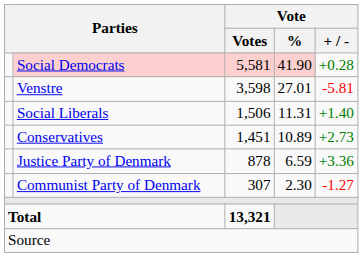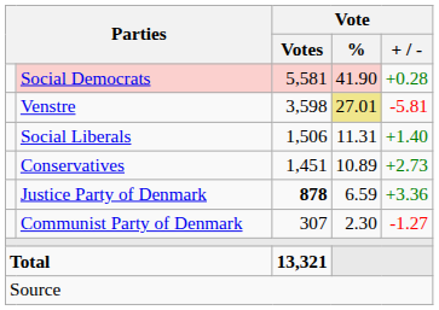 <table class="wikitable" style="text-align:right;">
 <tr>
 <th style="text-align:centre;" rowspan="2" colspan="2" width="225">Parties</th>
 <th colspan="3">Vote</th>
 </tr>
 <tr>
 <th width="15">Votes</th>
 <th width="15">%</th>
 <th width="15">+ / -</th>
 </tr>
 <tr>
 <td width="2" style="color:inherit;background:"></td>
 <td bgcolor=#fbd0ce  align="left"><a href='#'>Social Democrats</a></td>
 <td bgcolor=#fbd0ce>5,581</td>
 <td bgcolor=#fbd0ce>41.90</td>
 <td style=color:green;>+0.28</td>
 </tr>
 <tr>
 <td width="2" style="color:inherit;background:"></td>
 <td align="left"><a href='#'>Venstre</a></td>
 <td>3,598</td>
-<td>27.01</td>
+<td style="background: khaki;">27.01</td>
 <td style=color:red;>-5.81</td>
 </tr>
 <tr>
 <td width="2" style="color:inherit;background:"></td>
 <td align="left"><a href='#'>Social Liberals</a></td>
 <td>1,506</td>
 <td>11.31</td>
 <td style=color:green;>+1.40</td>
 </tr>
 <tr>
 <td width="2" style="color:inherit;background:"></td>
 <td align="left"><a href='#'>Conservatives</a></td>
 <td>1,451</td>
 <td>10.89</td>
 <td style=color:green;>+2.73</td>
 </tr>
 <tr>
 <td width="2" style="color:inherit;background:"></td>
 <td align="left"><a href='#'>Justice Party of Denmark</a></td>
-<td>878</td>
+<td><strong>878</strong></td>
 <td>6.59</td>
 <td style=color:green;>+3.36</td>
 </tr>
 <tr>
 <td width="2" style="color:inherit;background:"></td>
 <td align="left"><a href='#'>Communist Party of Denmark</a></td>
 <td>307</td>
 <td>2.30</td>
 <td style=color:red;>-1.27</td>
 </tr>
 <tr>
 <td colspan="7" bgcolor="#E9E9E9"></td>
 </tr>
 <tr>
 <td align="left" colspan="2"><strong>Total</strong></td>
 <td><strong>13,321</strong></td>
 <td bgcolor="#E9E9E9" colspan="2"></td>
 </tr>
 <tr>
 <td align="left" colspan="6">Source</td>
 </tr>
 </table>
